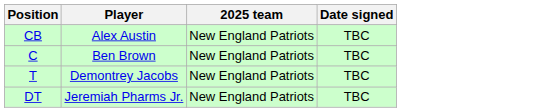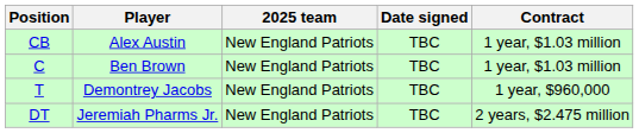 <table class="wikitable" style="text-align:center">
 <tr>
 <th>Position</th>
 <th>Player</th>
 <th>2025 team</th>
 <th>Date signed</th>
+<th>Contract</th>
 </tr>
 <tr style="background:#cfc;">
 <td><a href='#'>CB</a></td>
 <td><a href='#'>Alex Austin</a></td>
 <td>New England Patriots</td>
 <td>TBC</td>
+<td>1 year, $1.03 million</td>
 </tr>
 <tr style="background:#cfc;">
 <td><a href='#'>C</a></td>
 <td><a href='#'>Ben Brown</a></td>
 <td>New England Patriots</td>
 <td>TBC</td>
+<td>1 year, $1.03 million</td>
 </tr>
 <tr style="background:#cfc;">
 <td><a href='#'>T</a></td>
 <td><a href='#'>Demontrey Jacobs</a></td>
 <td>New England Patriots</td>
 <td>TBC</td>
+<td>1 year, $960,000</td>
 </tr>
 <tr style="background:#cfc;">
 <td><a href='#'>DT</a></td>
 <td><a href='#'>Jeremiah Pharms Jr.</a></td>
 <td>New England Patriots</td>
 <td>TBC</td>
+<td>2 years, $2.475 million</td>
 </tr>
 </table>
